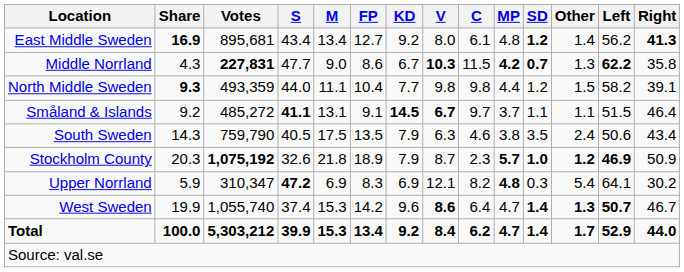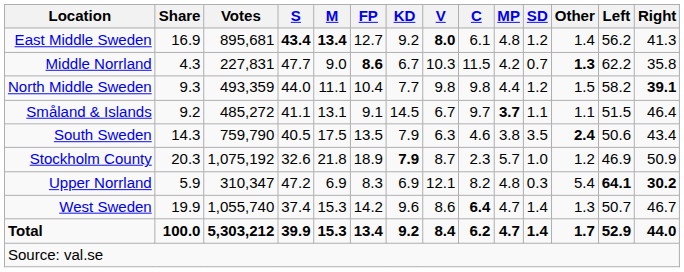 <table class="wikitable sortable" style=text-align:right>
 <tr>
 <th>Location</th>
 <th>Share</th>
 <th>Votes</th>
 <th><a href='#'>S</a></th>
 <th><a href='#'>M</a></th>
 <th><a href='#'>FP</a></th>
 <th><a href='#'>KD</a></th>
 <th><a href='#'>V</a></th>
 <th><a href='#'>C</a></th>
 <th><a href='#'>MP</a></th>
 <th><a href='#'>SD</a></th>
 <th>Other</th>
 <th>Left</th>
 <th>Right</th>
 </tr>
 <tr>
 <td><a href='#'>East Middle Sweden</a></td>
-<td><strong>16.9</strong></td>
+<td>16.9</td>
 <td>895,681</td>
-<td>43.4</td>
-<td>13.4</td>
+<td><strong>43.4</strong></td>
+<td><strong>13.4</strong></td>
 <td>12.7</td>
 <td>9.2</td>
-<td>8.0</td>
+<td><strong>8.0</strong></td>
 <td>6.1</td>
 <td>4.8</td>
-<td><strong>1.2</strong></td>
+<td>1.2</td>
 <td>1.4</td>
 <td>56.2</td>
-<td><strong>41.3</strong></td>
+<td>41.3</td>
 </tr>
 <tr>
 <td><a href='#'>Middle Norrland</a></td>
 <td>4.3</td>
-<td><strong>227,831</strong></td>
+<td>227,831</td>
 <td>47.7</td>
 <td>9.0</td>
-<td>8.6</td>
+<td><strong>8.6</strong></td>
 <td>6.7</td>
-<td><strong>10.3</strong></td>
+<td>10.3</td>
 <td>11.5</td>
-<td><strong>4.2</strong></td>
-<td><strong>0.7</strong></td>
-<td>1.3</td>
-<td><strong>62.2</strong></td>
+<td>4.2</td>
+<td>0.7</td>
+<td><strong>1.3</strong></td>
+<td>62.2</td>
 <td>35.8</td>
 </tr>
 <tr>
 <td><a href='#'>North Middle Sweden</a></td>
-<td><strong>9.3</strong></td>
+<td>9.3</td>
 <td>493,359</td>
 <td>44.0</td>
 <td>11.1</td>
 <td>10.4</td>
 <td>7.7</td>
 <td>9.8</td>
 <td>9.8</td>
 <td>4.4</td>
 <td>1.2</td>
 <td>1.5</td>
 <td>58.2</td>
-<td>39.1</td>
+<td><strong>39.1</strong></td>
 </tr>
 <tr>
 <td><a href='#'>Småland & Islands</a></td>
 <td>9.2</td>
 <td>485,272</td>
-<td><strong>41.1</strong></td>
+<td>41.1</td>
 <td>13.1</td>
 <td>9.1</td>
-<td><strong>14.5</strong></td>
-<td><strong>6.7</strong></td>
+<td>14.5</td>
+<td>6.7</td>
 <td>9.7</td>
-<td>3.7</td>
+<td><strong>3.7</strong></td>
 <td>1.1</td>
 <td>1.1</td>
 <td>51.5</td>
 <td>46.4</td>
 </tr>
 <tr>
 <td><a href='#'>South Sweden</a></td>
 <td>14.3</td>
 <td>759,790</td>
 <td>40.5</td>
 <td>17.5</td>
 <td>13.5</td>
 <td>7.9</td>
 <td>6.3</td>
 <td>4.6</td>
 <td>3.8</td>
 <td>3.5</td>
-<td>2.4</td>
+<td><strong>2.4</strong></td>
 <td>50.6</td>
 <td>43.4</td>
 </tr>
 <tr>
 <td><a href='#'>Stockholm County</a></td>
 <td>20.3</td>
-<td><strong>1,075,192</strong></td>
+<td>1,075,192</td>
 <td>32.6</td>
 <td>21.8</td>
 <td>18.9</td>
-<td>7.9</td>
+<td><strong>7.9</strong></td>
 <td>8.7</td>
 <td>2.3</td>
-<td><strong>5.7</strong></td>
-<td><strong>1.0</strong></td>
-<td><strong>1.2</strong></td>
-<td><strong>46.9</strong></td>
+<td>5.7</td>
+<td>1.0</td>
+<td>1.2</td>
+<td>46.9</td>
 <td>50.9</td>
 </tr>
 <tr>
 <td><a href='#'>Upper Norrland</a></td>
 <td>5.9</td>
 <td>310,347</td>
-<td><strong>47.2</strong></td>
+<td>47.2</td>
 <td>6.9</td>
 <td>8.3</td>
 <td>6.9</td>
 <td>12.1</td>
 <td>8.2</td>
-<td><strong>4.8</strong></td>
+<td>4.8</td>
 <td>0.3</td>
 <td>5.4</td>
-<td>64.1</td>
-<td>30.2</td>
+<td><strong>64.1</strong></td>
+<td><strong>30.2</strong></td>
 </tr>
 <tr>
 <td><a href='#'>West Sweden</a></td>
 <td>19.9</td>
 <td>1,055,740</td>
 <td>37.4</td>
 <td>15.3</td>
 <td>14.2</td>
 <td>9.6</td>
-<td><strong>8.6</strong></td>
-<td>6.4</td>
+<td>8.6</td>
+<td><strong>6.4</strong></td>
 <td>4.7</td>
-<td><strong>1.4</strong></td>
-<td><strong>1.3</strong></td>
-<td><strong>50.7</strong></td>
+<td>1.4</td>
+<td>1.3</td>
+<td>50.7</td>
 <td>46.7</td>
 </tr>
 <tr>
 <td align=left><strong>Total</strong></td>
 <td><strong>100.0</strong></td>
 <td><strong>5,303,212</strong></td>
 <td><strong>39.9</strong></td>
 <td><strong>15.3</strong></td>
 <td><strong>13.4</strong></td>
 <td><strong>9.2</strong></td>
 <td><strong>8.4</strong></td>
 <td><strong>6.2</strong></td>
 <td><strong>4.7</strong></td>
 <td><strong>1.4</strong></td>
 <td><strong>1.7</strong></td>
 <td><strong>52.9</strong></td>
 <td><strong>44.0</strong></td>
 </tr>
 <tr>
 <td align=left colspan=14>Source: val.se </td>
 </tr>
 </table>
